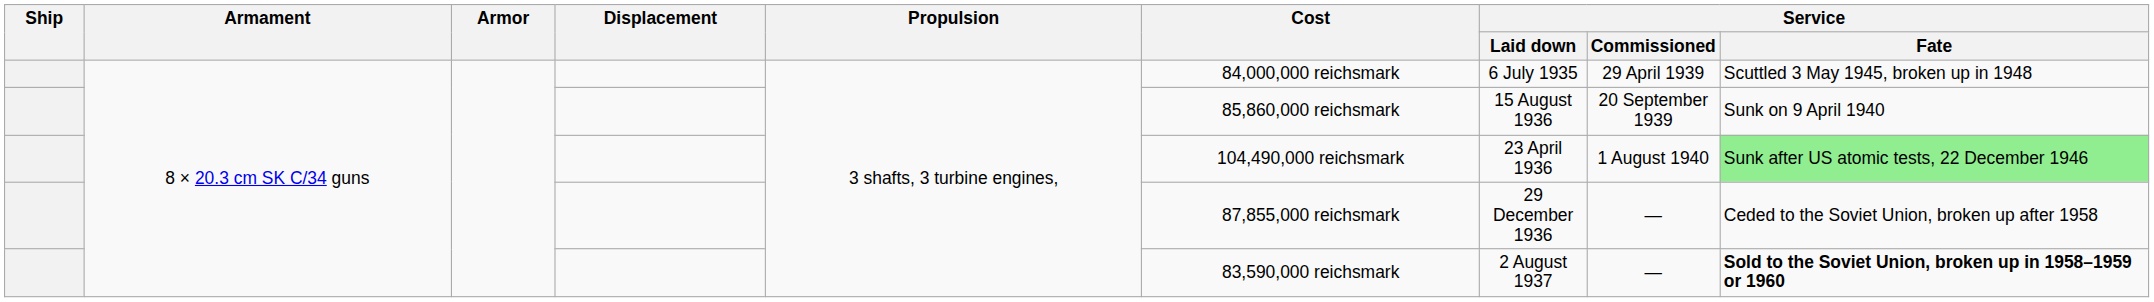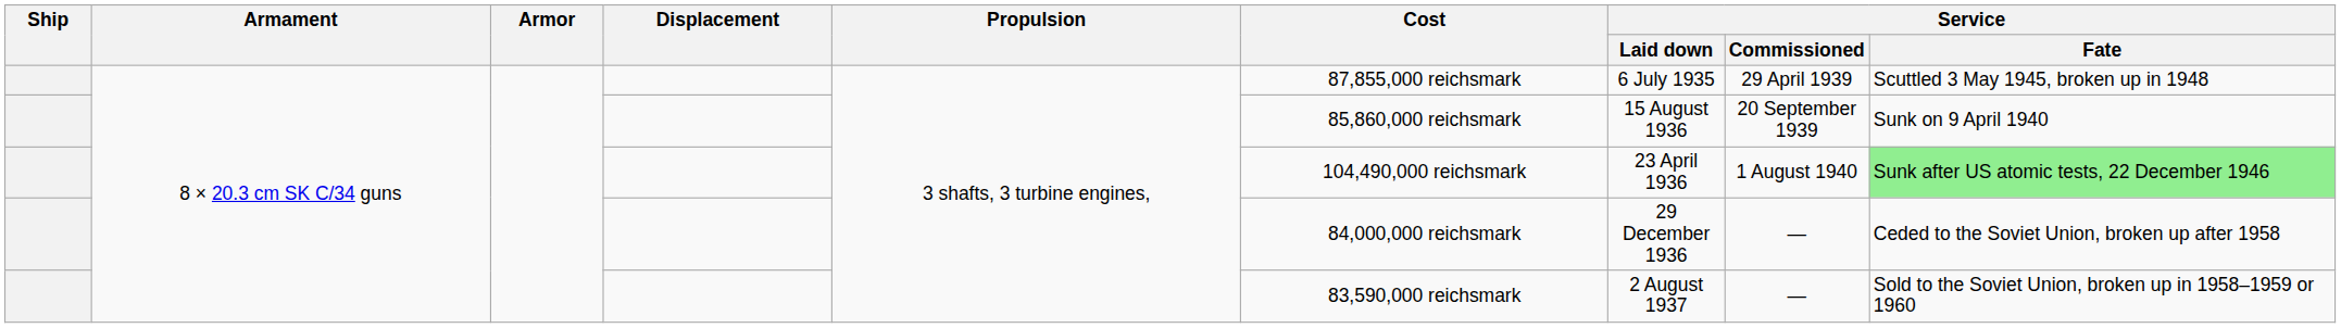 <table class="wikitable plainrowheaders" style="text-align: center;">
 <tr valign="top">
 <th scope="col" rowspan="2">Ship</th>
 <th scope="col" rowspan="2">Armament</th>
 <th scope="col" rowspan="2">Armor</th>
 <th scope="col" rowspan="2">Displacement</th>
 <th scope="col" rowspan="2">Propulsion</th>
 <th scope="col" rowspan="2">Cost</th>
 <th scope="col" colspan="3">Service</th>
 </tr>
 <tr valign="top">
 <th width="5%" scope="col">Laid down</th>
 <th width="5%" scope="col">Commissioned</th>
 <th width="20%" scope="col">Fate</th>
 </tr>
 <tr>
 <th scope="row"></th>
 <td rowspan="5">8 × <a href='#'>20.3 cm SK C/34</a> guns</td>
 <td rowspan="5"></td>
 <td></td>
 <td rowspan="5">3 shafts, 3 turbine engines, </td>
-<td>84,000,000 reichsmark</td>
+<td>87,855,000 reichsmark</td>
 <td>6 July 1935</td>
 <td>29 April 1939</td>
 <td style="text-align: left;">Scuttled 3 May 1945, broken up in 1948</td>
 </tr>
 <tr>
 <th scope="row"></th>
 <td></td>
 <td>85,860,000 reichsmark</td>
 <td>15 August 1936</td>
 <td>20 September 1939</td>
 <td style="text-align: left;">Sunk on 9 April 1940</td>
 </tr>
 <tr>
 <th scope="row"></th>
 <td></td>
 <td>104,490,000 reichsmark</td>
 <td>23 April 1936</td>
 <td>1 August 1940</td>
 <td style="background: lightgreen; text-align: left;">Sunk after US atomic tests, 22 December 1946</td>
 </tr>
 <tr>
 <th scope="row"></th>
 <td></td>
-<td>87,855,000 reichsmark</td>
+<td>84,000,000 reichsmark</td>
 <td>29 December 1936</td>
 <td>—</td>
 <td style="text-align: left;">Ceded to the Soviet Union, broken up after 1958</td>
 </tr>
 <tr>
 <th scope="row"></th>
 <td></td>
 <td>83,590,000 reichsmark</td>
 <td>2 August 1937</td>
 <td>—</td>
-<td style="text-align: left;"><strong>Sold to the Soviet Union, broken up in 1958–1959 or 1960</strong></td>
+<td style="text-align: left;">Sold to the Soviet Union, broken up in 1958–1959 or 1960</td>
 </tr>
 </table>
